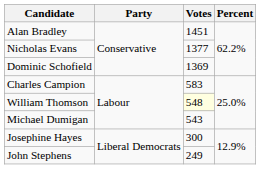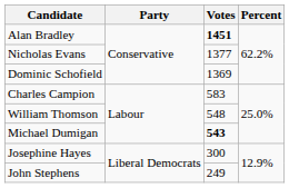 <table class="wikitable">
 <tr>
 <th>Candidate</th>
 <th>Party</th>
 <th>Votes</th>
 <th>Percent</th>
 </tr>
 <tr>
 <td>Alan Bradley</td>
 <td rowspan="3">Conservative</td>
-<td>1451</td>
+<td><strong>1451</strong></td>
 <td rowspan="3">62.2%</td>
 </tr>
 <tr>
 <td>Nicholas Evans</td>
 <td>1377</td>
 </tr>
 <tr>
 <td>Dominic Schofield</td>
 <td>1369</td>
 </tr>
 <tr>
 <td>Charles Campion</td>
 <td rowspan="3">Labour</td>
 <td>583</td>
 <td rowspan="3">25.0%</td>
 </tr>
 <tr>
 <td>William Thomson</td>
-<td style="background: lightyellow;">548</td>
+<td>548</td>
 </tr>
 <tr>
 <td>Michael Dumigan</td>
-<td>543</td>
+<td><strong>543</strong></td>
 </tr>
 <tr>
 <td>Josephine Hayes</td>
 <td rowspan="2">Liberal Democrats</td>
 <td>300</td>
 <td rowspan="2">12.9%</td>
 </tr>
 <tr>
 <td>John Stephens</td>
 <td>249</td>
 </tr>
 </table>
